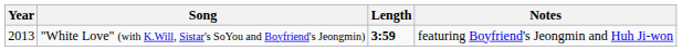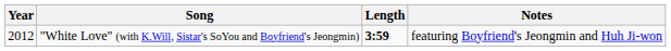 <table class="wikitable">
 <tr>
 <th>Year</th>
 <th>Song</th>
 <th>Length</th>
 <th>Notes</th>
 </tr>
 <tr>
-<td>2013</td>
+<td>2012</td>
 <td>"White Love" <small>(with <a href='#'>K.Will</a>, <a href='#'>Sistar</a>'s SoYou and <a href='#'>Boyfriend</a>'s Jeongmin)</small></td>
 <td><strong>3:59</strong></td>
 <td>featuring <a href='#'>Boyfriend</a>'s Jeongmin and <a href='#'>Huh Ji-won</a></td>
 </tr>
 </table>
